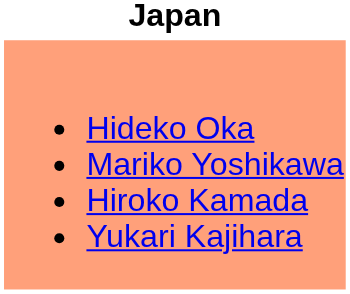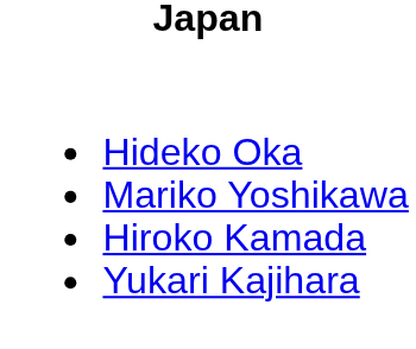 <table>
 <tr>
 <th>Japan</th>
 </tr>
 <tr>
-<td style="background: lightsalmon;"><br><ul><li><a href='#'>Hideko Oka</a></li><li><a href='#'>Mariko Yoshikawa</a></li><li><a href='#'>Hiroko Kamada</a></li><li><a href='#'>Yukari Kajihara</a></li></ul></td>
+<td><br><ul><li><a href='#'>Hideko Oka</a></li><li><a href='#'>Mariko Yoshikawa</a></li><li><a href='#'>Hiroko Kamada</a></li><li><a href='#'>Yukari Kajihara</a></li></ul></td>
 </tr>
 </table>
